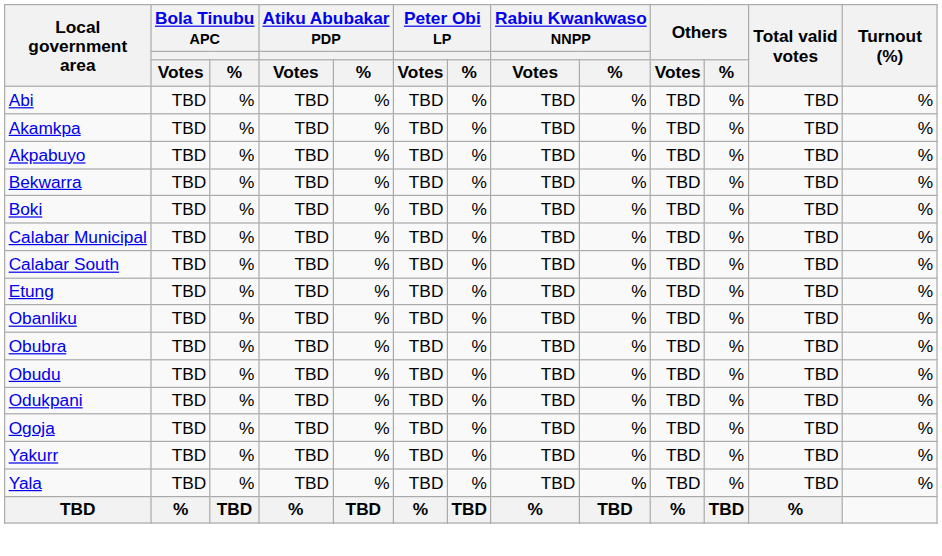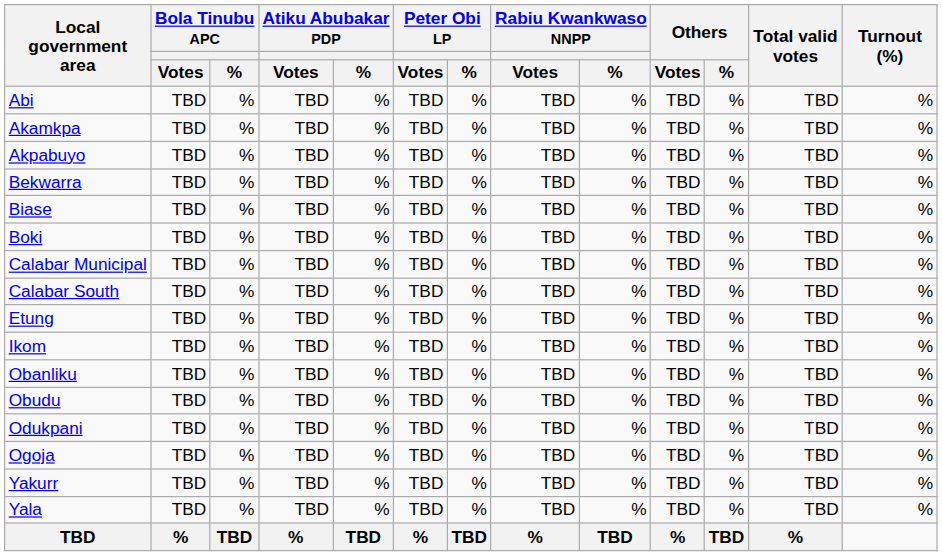 <table class="wikitable sortable" style="text-align:right; font-size:90%">
 <tr>
 <th rowspan="3" style="max-width:7.5em;">Local government area</th>
 <th colspan="2"><a href='#'>Bola Tinubu</a><br><small>APC</small></th>
 <th colspan="2"><a href='#'>Atiku Abubakar</a><br><small>PDP</small></th>
 <th colspan="2"><a href='#'>Peter Obi</a><br><small>LP</small></th>
 <th colspan="2"><a href='#'>Rabiu Kwankwaso</a><br><small>NNPP</small></th>
 <th colspan="2" rowspan="2">Others</th>
 <th rowspan="3" style="max-width:5em;">Total valid votes</th>
 <th rowspan="3" style="max-width:5em;">Turnout (%)</th>
 </tr>
 <tr>
 <th colspan=2 style="background-color:"></th>
 <th colspan=2 style="background-color:"></th>
 <th colspan=2 style="background-color:"></th>
 <th colspan=2 style="background-color:"></th>
 </tr>
 <tr>
 <th>Votes</th>
 <th>%</th>
 <th>Votes</th>
 <th>%</th>
 <th>Votes</th>
 <th>%</th>
 <th>Votes</th>
 <th>%</th>
 <th>Votes</th>
 <th>%</th>
 </tr>
 <tr style="background-color:#">
 <td style="text-align:left;"><a href='#'>Abi</a></td>
 <td>TBD</td>
 <td>%</td>
 <td>TBD</td>
 <td>%</td>
 <td>TBD</td>
 <td>%</td>
 <td>TBD</td>
 <td>%</td>
 <td>TBD</td>
 <td>%</td>
 <td>TBD</td>
 <td>%</td>
 </tr>
 <tr style="background-color:#">
 <td style="text-align:left;"><a href='#'>Akamkpa</a></td>
 <td>TBD</td>
 <td>%</td>
 <td>TBD</td>
 <td>%</td>
 <td>TBD</td>
 <td>%</td>
 <td>TBD</td>
 <td>%</td>
 <td>TBD</td>
 <td>%</td>
 <td>TBD</td>
 <td>%</td>
 </tr>
 <tr style="background-color:#">
 <td style="text-align:left;"><a href='#'>Akpabuyo</a></td>
 <td>TBD</td>
 <td>%</td>
 <td>TBD</td>
 <td>%</td>
 <td>TBD</td>
 <td>%</td>
 <td>TBD</td>
 <td>%</td>
 <td>TBD</td>
 <td>%</td>
 <td>TBD</td>
 <td>%</td>
 </tr>
 <tr style="background-color:#">
 <td style="text-align:left;"><a href='#'>Bekwarra</a></td>
 <td>TBD</td>
 <td>%</td>
 <td>TBD</td>
 <td>%</td>
 <td>TBD</td>
 <td>%</td>
 <td>TBD</td>
 <td>%</td>
 <td>TBD</td>
 <td>%</td>
 <td>TBD</td>
 <td>%</td>
 </tr>
 <tr style="background-color:#">
+<td style="text-align:left;"><a href='#'>Biase</a></td>
+<td>TBD</td>
+<td>%</td>
+<td>TBD</td>
+<td>%</td>
+<td>TBD</td>
+<td>%</td>
+<td>TBD</td>
+<td>%</td>
+<td>TBD</td>
+<td>%</td>
+<td>TBD</td>
+<td>%</td>
+</tr>
+<tr style="background-color:#">
 <td style="text-align:left;"><a href='#'>Boki</a></td>
 <td>TBD</td>
 <td>%</td>
 <td>TBD</td>
 <td>%</td>
 <td>TBD</td>
 <td>%</td>
 <td>TBD</td>
 <td>%</td>
 <td>TBD</td>
 <td>%</td>
 <td>TBD</td>
 <td>%</td>
 </tr>
 <tr style="background-color:#">
 <td style="text-align:left;"><a href='#'>Calabar Municipal</a></td>
 <td>TBD</td>
 <td>%</td>
 <td>TBD</td>
 <td>%</td>
 <td>TBD</td>
 <td>%</td>
 <td>TBD</td>
 <td>%</td>
 <td>TBD</td>
 <td>%</td>
 <td>TBD</td>
 <td>%</td>
 </tr>
 <tr style="background-color:#">
 <td style="text-align:left;"><a href='#'>Calabar South</a></td>
 <td>TBD</td>
 <td>%</td>
 <td>TBD</td>
 <td>%</td>
 <td>TBD</td>
 <td>%</td>
 <td>TBD</td>
 <td>%</td>
 <td>TBD</td>
 <td>%</td>
 <td>TBD</td>
 <td>%</td>
 </tr>
 <tr style="background-color:#">
 <td style="text-align:left;"><a href='#'>Etung</a></td>
 <td>TBD</td>
 <td>%</td>
 <td>TBD</td>
 <td>%</td>
 <td>TBD</td>
 <td>%</td>
 <td>TBD</td>
 <td>%</td>
 <td>TBD</td>
 <td>%</td>
 <td>TBD</td>
 <td>%</td>
 </tr>
 <tr style="background-color:#">
-<td style="text-align:left;"><a href='#'>Obanliku</a></td>
+<td style="text-align:left;"><a href='#'>Ikom</a></td>
 <td>TBD</td>
 <td>%</td>
 <td>TBD</td>
 <td>%</td>
 <td>TBD</td>
 <td>%</td>
 <td>TBD</td>
 <td>%</td>
 <td>TBD</td>
 <td>%</td>
 <td>TBD</td>
 <td>%</td>
 </tr>
 <tr style="background-color:#">
-<td style="text-align:left;"><a href='#'>Obubra</a></td>
+<td style="text-align:left;"><a href='#'>Obanliku</a></td>
 <td>TBD</td>
 <td>%</td>
 <td>TBD</td>
 <td>%</td>
 <td>TBD</td>
 <td>%</td>
 <td>TBD</td>
 <td>%</td>
 <td>TBD</td>
 <td>%</td>
 <td>TBD</td>
 <td>%</td>
 </tr>
 <tr style="background-color:#">
 <td style="text-align:left;"><a href='#'>Obudu</a></td>
 <td>TBD</td>
 <td>%</td>
 <td>TBD</td>
 <td>%</td>
 <td>TBD</td>
 <td>%</td>
 <td>TBD</td>
 <td>%</td>
 <td>TBD</td>
 <td>%</td>
 <td>TBD</td>
 <td>%</td>
 </tr>
 <tr style="background-color:#">
 <td style="text-align:left;"><a href='#'>Odukpani</a></td>
 <td>TBD</td>
 <td>%</td>
 <td>TBD</td>
 <td>%</td>
 <td>TBD</td>
 <td>%</td>
 <td>TBD</td>
 <td>%</td>
 <td>TBD</td>
 <td>%</td>
 <td>TBD</td>
 <td>%</td>
 </tr>
 <tr style="background-color:#">
 <td style="text-align:left;"><a href='#'>Ogoja</a></td>
 <td>TBD</td>
 <td>%</td>
 <td>TBD</td>
 <td>%</td>
 <td>TBD</td>
 <td>%</td>
 <td>TBD</td>
 <td>%</td>
 <td>TBD</td>
 <td>%</td>
 <td>TBD</td>
 <td>%</td>
 </tr>
 <tr style="background-color:#">
 <td style="text-align:left;"><a href='#'>Yakurr</a></td>
 <td>TBD</td>
 <td>%</td>
 <td>TBD</td>
 <td>%</td>
 <td>TBD</td>
 <td>%</td>
 <td>TBD</td>
 <td>%</td>
 <td>TBD</td>
 <td>%</td>
 <td>TBD</td>
 <td>%</td>
 </tr>
 <tr style="background-color:#">
 <td style="text-align:left;"><a href='#'>Yala</a></td>
 <td>TBD</td>
 <td>%</td>
 <td>TBD</td>
 <td>%</td>
 <td>TBD</td>
 <td>%</td>
 <td>TBD</td>
 <td>%</td>
 <td>TBD</td>
 <td>%</td>
 <td>TBD</td>
 <td>%</td>
 </tr>
 <tr>
 <th>TBD</th>
 <th>%</th>
 <th>TBD</th>
 <th>%</th>
 <th>TBD</th>
 <th>%</th>
 <th>TBD</th>
 <th>%</th>
 <th>TBD</th>
 <th>%</th>
 <th>TBD</th>
 <th>%</th>
 </tr>
 </table>
